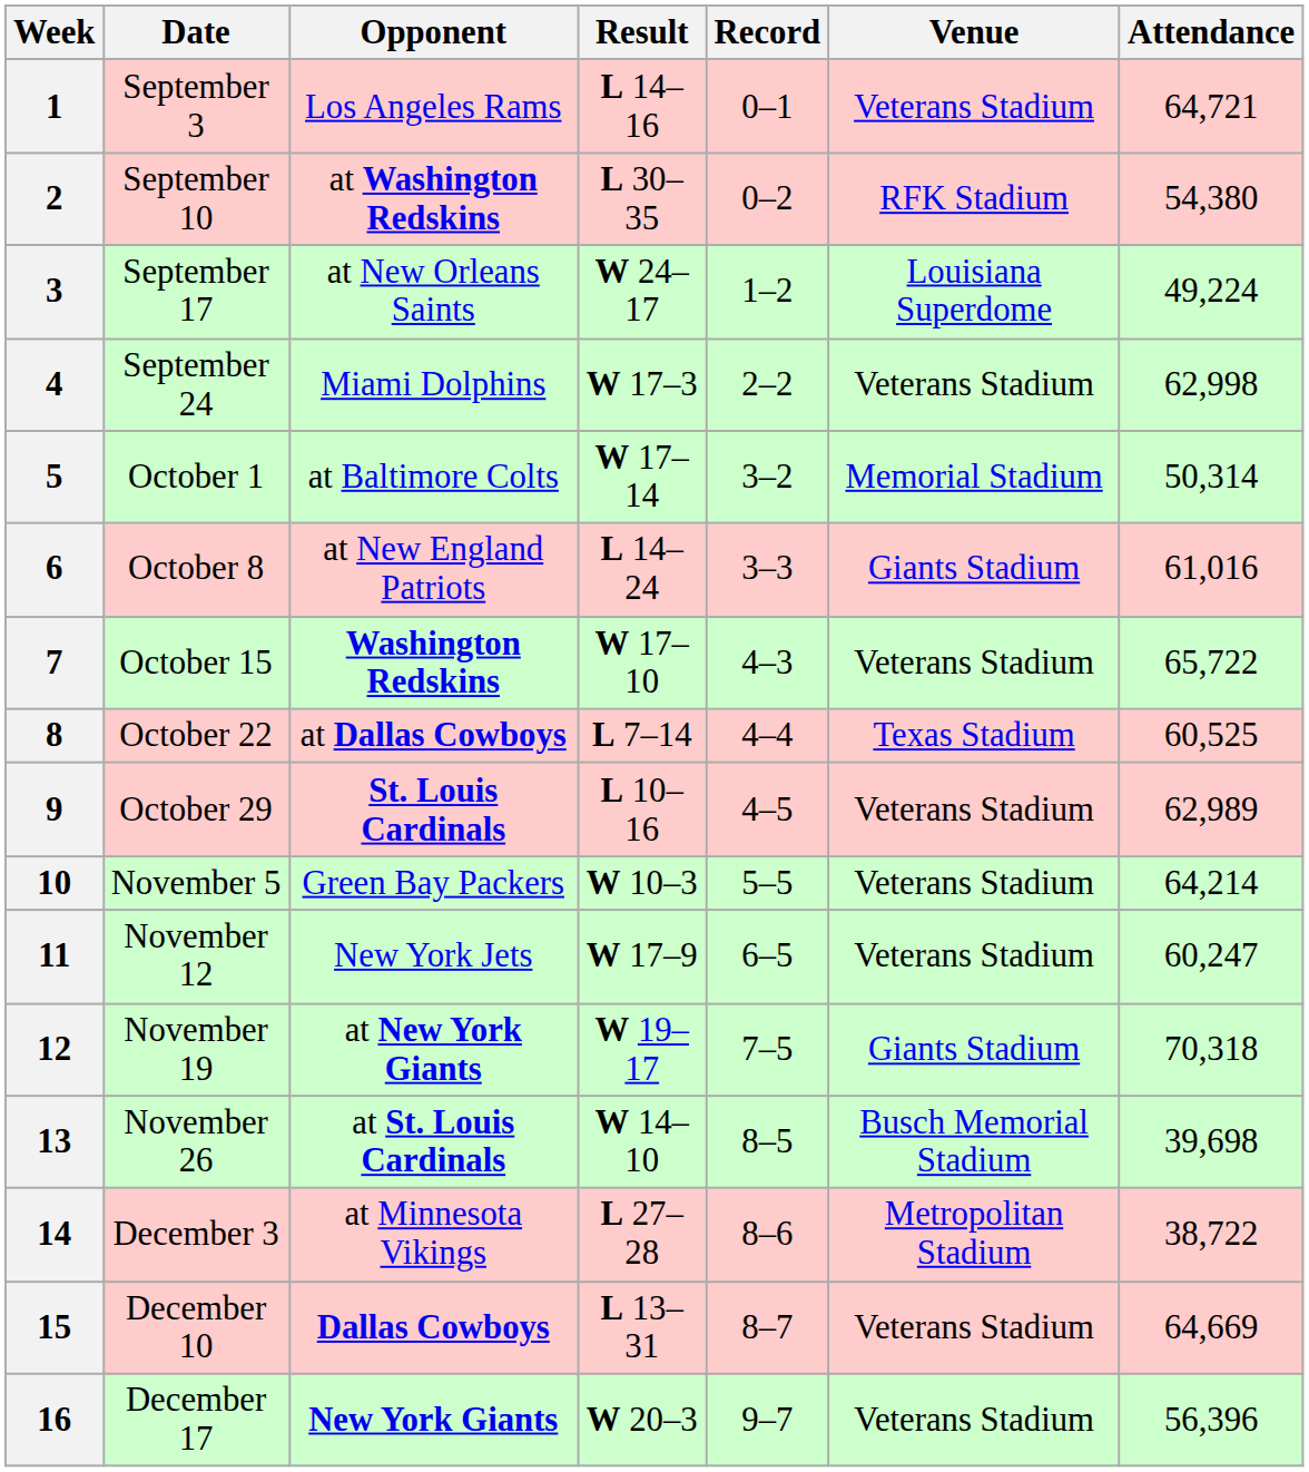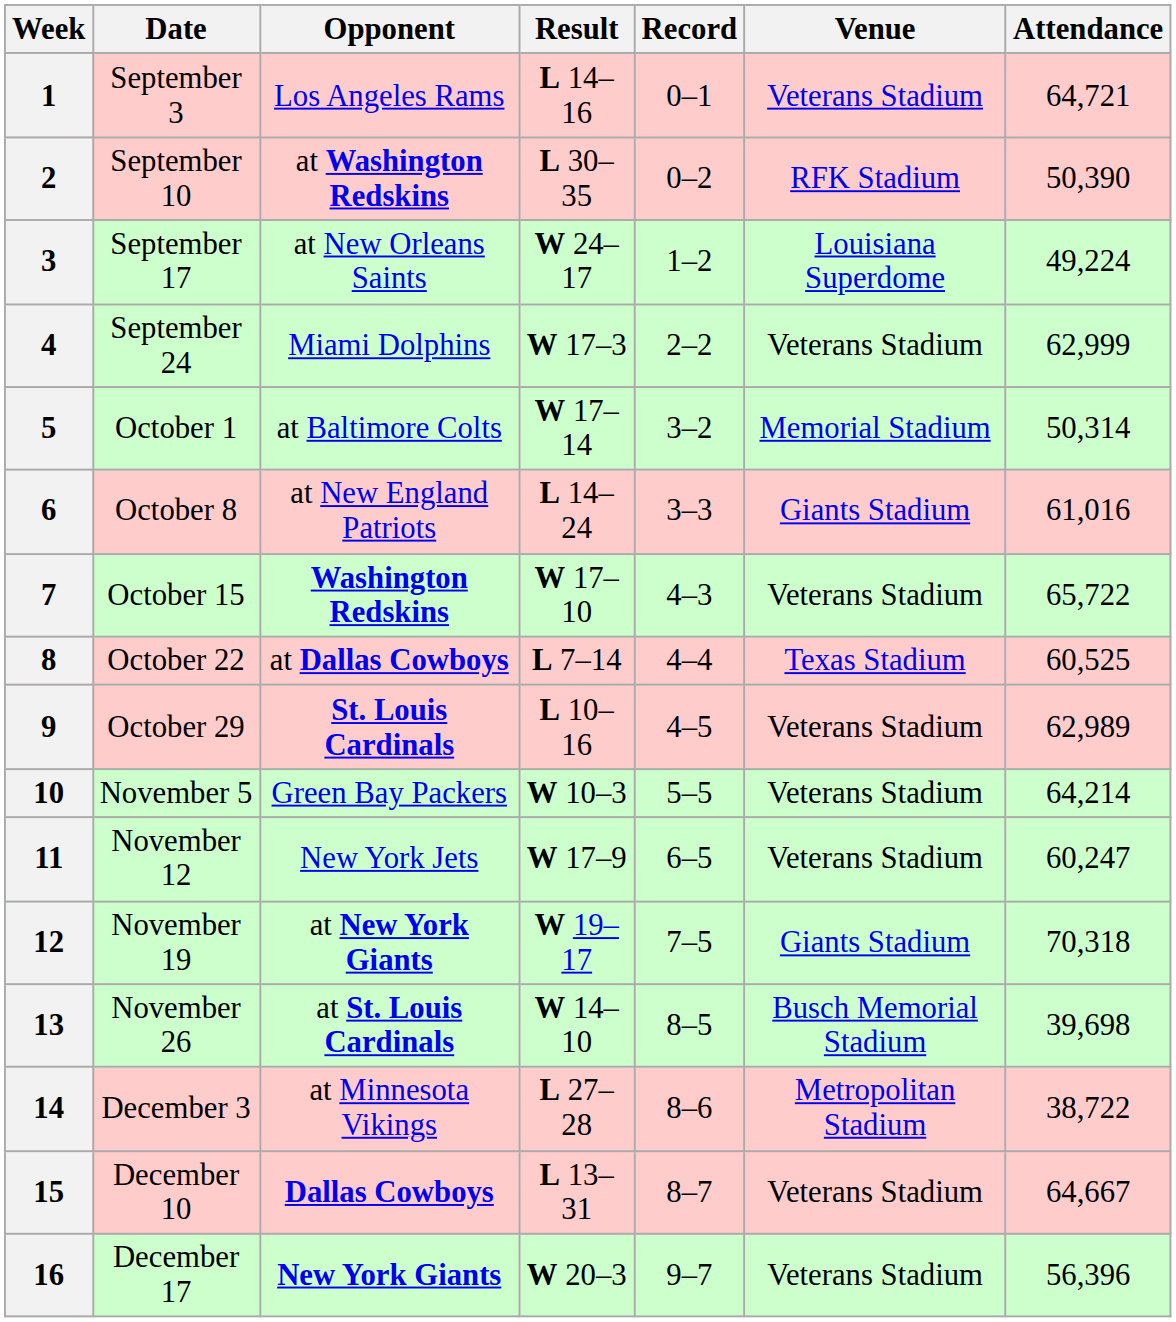 <table class="wikitable" style="text-align:center">
 <tr>
 <th>Week</th>
 <th>Date</th>
 <th>Opponent</th>
 <th>Result</th>
 <th>Record</th>
 <th>Venue</th>
 <th>Attendance</th>
 </tr>
 <tr style="background:#fcc">
 <th>1</th>
 <td>September 3</td>
 <td><a href='#'>Los Angeles Rams</a></td>
 <td><strong>L</strong> 14–16</td>
 <td>0–1</td>
 <td><a href='#'>Veterans Stadium</a></td>
 <td>64,721</td>
 </tr>
 <tr style="background:#fcc">
 <th>2</th>
 <td>September 10</td>
 <td>at <strong><a href='#'>Washington Redskins</a></strong></td>
 <td><strong>L</strong> 30–35</td>
 <td>0–2</td>
 <td><a href='#'>RFK Stadium</a></td>
-<td>54,380</td>
+<td>50,390</td>
 </tr>
 <tr style="background:#cfc">
 <th>3</th>
 <td>September 17</td>
 <td>at <a href='#'>New Orleans Saints</a></td>
 <td><strong>W</strong> 24–17</td>
 <td>1–2</td>
 <td><a href='#'>Louisiana Superdome</a></td>
 <td>49,224</td>
 </tr>
 <tr style="background:#cfc">
 <th>4</th>
 <td>September 24</td>
 <td><a href='#'>Miami Dolphins</a></td>
 <td><strong>W</strong> 17–3</td>
 <td>2–2</td>
 <td>Veterans Stadium</td>
-<td>62,998</td>
+<td>62,999</td>
 </tr>
 <tr style="background:#cfc">
 <th>5</th>
 <td>October 1</td>
 <td>at <a href='#'>Baltimore Colts</a></td>
 <td><strong>W</strong> 17–14</td>
 <td>3–2</td>
 <td><a href='#'>Memorial Stadium</a></td>
 <td>50,314</td>
 </tr>
 <tr style="background:#fcc">
 <th>6</th>
 <td>October 8</td>
 <td>at <a href='#'>New England Patriots</a></td>
 <td><strong>L</strong> 14–24</td>
 <td>3–3</td>
 <td><a href='#'>Giants Stadium</a></td>
 <td>61,016</td>
 </tr>
 <tr style="background:#cfc">
 <th>7</th>
 <td>October 15</td>
 <td><strong><a href='#'>Washington Redskins</a></strong></td>
 <td><strong>W</strong> 17–10</td>
 <td>4–3</td>
 <td>Veterans Stadium</td>
 <td>65,722</td>
 </tr>
 <tr style="background:#fcc">
 <th>8</th>
 <td>October 22</td>
 <td>at <strong><a href='#'>Dallas Cowboys</a></strong></td>
 <td><strong>L</strong> 7–14</td>
 <td>4–4</td>
 <td><a href='#'>Texas Stadium</a></td>
 <td>60,525</td>
 </tr>
 <tr style="background:#fcc">
 <th>9</th>
 <td>October 29</td>
 <td><strong><a href='#'>St. Louis Cardinals</a></strong></td>
 <td><strong>L</strong> 10–16</td>
 <td>4–5</td>
 <td>Veterans Stadium</td>
 <td>62,989</td>
 </tr>
 <tr style="background:#cfc">
 <th>10</th>
 <td>November 5</td>
 <td><a href='#'>Green Bay Packers</a></td>
 <td><strong>W</strong> 10–3</td>
 <td>5–5</td>
 <td>Veterans Stadium</td>
 <td>64,214</td>
 </tr>
 <tr style="background:#cfc">
 <th>11</th>
 <td>November 12</td>
 <td><a href='#'>New York Jets</a></td>
 <td><strong>W</strong> 17–9</td>
 <td>6–5</td>
 <td>Veterans Stadium</td>
 <td>60,247</td>
 </tr>
 <tr style="background:#cfc">
 <th>12</th>
 <td>November 19</td>
 <td>at <strong><a href='#'>New York Giants</a></strong></td>
 <td><strong>W</strong> <a href='#'>19–17</a></td>
 <td>7–5</td>
 <td><a href='#'>Giants Stadium</a></td>
 <td>70,318</td>
 </tr>
 <tr style="background:#cfc">
 <th>13</th>
 <td>November 26</td>
 <td>at <strong><a href='#'>St. Louis Cardinals</a></strong></td>
 <td><strong>W</strong> 14–10</td>
 <td>8–5</td>
 <td><a href='#'>Busch Memorial Stadium</a></td>
 <td>39,698</td>
 </tr>
 <tr style="background:#fcc">
 <th>14</th>
 <td>December 3</td>
 <td>at <a href='#'>Minnesota Vikings</a></td>
 <td><strong>L</strong> 27–28</td>
 <td>8–6</td>
 <td><a href='#'>Metropolitan Stadium</a></td>
 <td>38,722</td>
 </tr>
 <tr style="background:#fcc">
 <th>15</th>
 <td>December 10</td>
 <td><strong><a href='#'>Dallas Cowboys</a></strong></td>
 <td><strong>L</strong> 13–31</td>
 <td>8–7</td>
 <td>Veterans Stadium</td>
-<td>64,669</td>
+<td>64,667</td>
 </tr>
 <tr style="background:#cfc">
 <th>16</th>
 <td>December 17</td>
 <td><strong><a href='#'>New York Giants</a></strong></td>
 <td><strong>W</strong> 20–3</td>
 <td>9–7</td>
 <td>Veterans Stadium</td>
 <td>56,396</td>
 </tr>
 </table>
